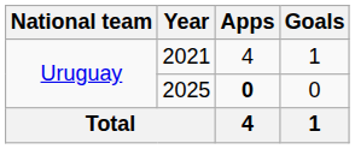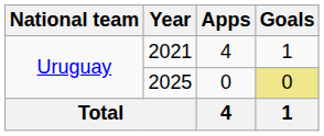 <table class="wikitable" style="text-align:center">
 <tr>
 <th>National team</th>
 <th>Year</th>
 <th>Apps</th>
 <th>Goals</th>
 </tr>
 <tr>
 <td rowspan="2"><a href='#'>Uruguay</a></td>
 <td>2021</td>
 <td>4</td>
 <td>1</td>
 </tr>
 <tr>
 <td>2025</td>
-<td><strong>0</strong></td>
 <td>0</td>
+<td style="background: khaki;">0</td>
 </tr>
 <tr>
 <th colspan="2">Total</th>
 <th>4</th>
 <th>1</th>
 </tr>
 </table>
